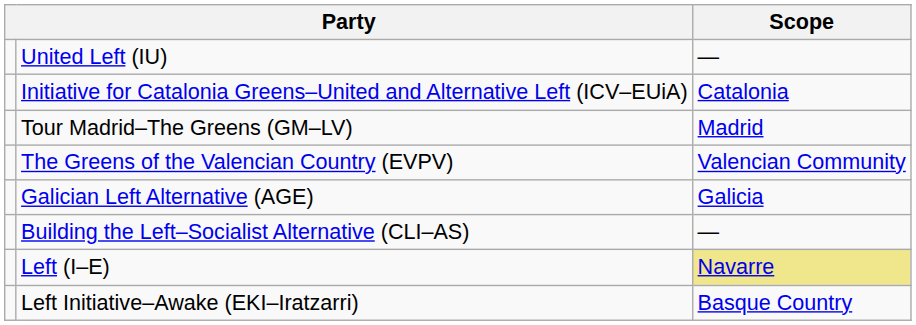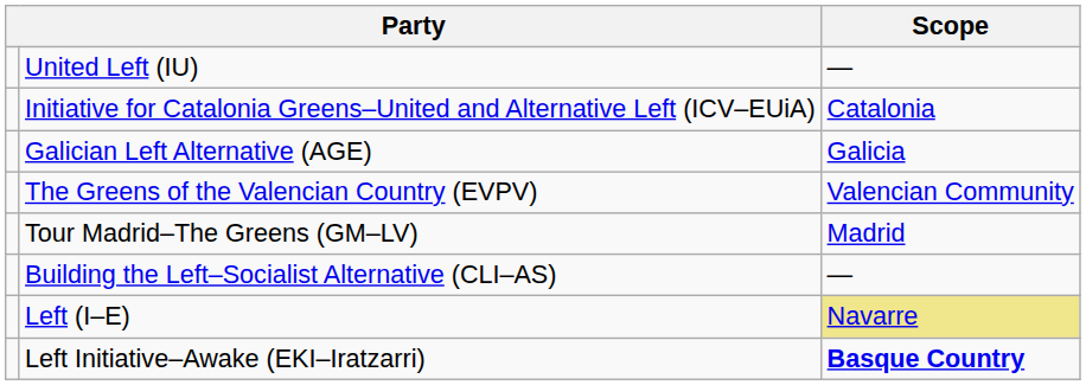 <table class="wikitable" style="text-align:left; font-size:97%;">
 <tr>
 <th colspan="2">Party</th>
 <th>Scope</th>
 </tr>
 <tr>
 <td width="1"></td>
 <td><a href='#'>United Left</a> (IU)</td>
 <td>—</td>
 </tr>
 <tr>
 <td></td>
 <td><a href='#'>Initiative for Catalonia Greens–United and Alternative Left</a> (ICV–EUiA)</td>
 <td><a href='#'>Catalonia</a></td>
 </tr>
 <tr>
 <td></td>
-<td>Tour Madrid–The Greens (GM–LV)</td>
-<td><a href='#'>Madrid</a></td>
+<td><a href='#'>Galician Left Alternative</a> (AGE)</td>
+<td><a href='#'>Galicia</a></td>
 </tr>
 <tr>
 <td></td>
 <td><a href='#'>The Greens of the Valencian Country</a> (EVPV)</td>
 <td><a href='#'>Valencian Community</a></td>
 </tr>
 <tr>
 <td></td>
-<td><a href='#'>Galician Left Alternative</a> (AGE)</td>
-<td><a href='#'>Galicia</a></td>
+<td>Tour Madrid–The Greens (GM–LV)</td>
+<td><a href='#'>Madrid</a></td>
 </tr>
 <tr>
 <td></td>
 <td><a href='#'>Building the Left–Socialist Alternative</a> (CLI–AS)</td>
 <td>—</td>
 </tr>
 <tr>
 <td></td>
 <td><a href='#'>Left</a> (I–E)</td>
 <td style="background: khaki;"><a href='#'>Navarre</a></td>
 </tr>
 <tr>
 <td></td>
 <td>Left Initiative–Awake (EKI–Iratzarri)</td>
-<td><a href='#'>Basque Country</a></td>
+<td><strong><a href='#'>Basque Country</a></strong></td>
 </tr>
 </table>
